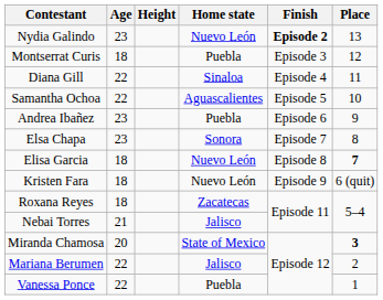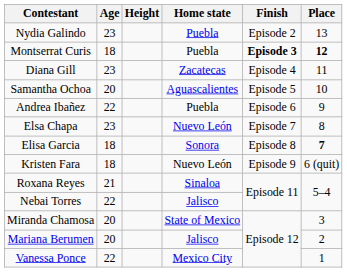 <table class="wikitable sortable" style="text-align:center;">
 <tr>
 <th>Contestant</th>
 <th>Age</th>
 <th>Height</th>
 <th>Home state</th>
 <th>Finish</th>
 <th>Place</th>
 </tr>
 <tr>
 <td>Nydia Galindo</td>
 <td>23</td>
 <td></td>
-<td><a href='#'>Nuevo León</a></td>
-<td><strong>Episode 2</strong></td>
+<td><a href='#'>Puebla</a></td>
+<td>Episode 2</td>
 <td>13</td>
 </tr>
 <tr>
 <td>Montserrat Curis</td>
 <td>18</td>
 <td></td>
 <td>Puebla</td>
-<td>Episode 3</td>
-<td>12</td>
+<td><strong>Episode 3</strong></td>
+<td><strong>12</strong></td>
 </tr>
 <tr>
 <td>Diana Gill</td>
-<td>22</td>
+<td>23</td>
 <td></td>
-<td><a href='#'>Sinaloa</a></td>
+<td><a href='#'>Zacatecas</a></td>
 <td>Episode 4</td>
 <td>11</td>
 </tr>
 <tr>
 <td>Samantha Ochoa</td>
-<td>22</td>
+<td>20</td>
 <td></td>
 <td><a href='#'>Aguascalientes</a></td>
 <td>Episode 5</td>
 <td>10</td>
 </tr>
 <tr>
 <td>Andrea Ibañez</td>
-<td>23</td>
+<td>22</td>
 <td></td>
 <td>Puebla</td>
 <td>Episode 6</td>
 <td>9</td>
 </tr>
 <tr>
 <td>Elsa Chapa</td>
 <td>23</td>
 <td></td>
-<td><a href='#'>Sonora</a></td>
+<td><a href='#'>Nuevo León</a></td>
 <td>Episode 7</td>
 <td>8</td>
 </tr>
 <tr>
 <td>Elisa Garcia</td>
 <td>18</td>
 <td></td>
-<td><a href='#'>Nuevo León</a></td>
+<td><a href='#'>Sonora</a></td>
 <td>Episode 8</td>
 <td><strong>7</strong></td>
 </tr>
 <tr>
 <td>Kristen Fara</td>
 <td>18</td>
 <td></td>
 <td>Nuevo León</td>
 <td>Episode 9</td>
 <td>6 (quit)</td>
 </tr>
 <tr>
 <td>Roxana Reyes</td>
-<td>18</td>
+<td>21</td>
 <td></td>
-<td><a href='#'>Zacatecas</a></td>
+<td><a href='#'>Sinaloa</a></td>
 <td rowspan="2">Episode 11</td>
 <td rowspan="2">5–4</td>
 </tr>
 <tr>
 <td>Nebai Torres</td>
-<td>21</td>
+<td>22</td>
 <td></td>
 <td><a href='#'>Jalisco</a></td>
 </tr>
 <tr>
 <td>Miranda Chamosa</td>
 <td>20</td>
 <td></td>
 <td><a href='#'>State of Mexico</a></td>
 <td rowspan="3">Episode 12</td>
-<td><strong>3</strong></td>
+<td>3</td>
 </tr>
 <tr>
 <td><a href='#'>Mariana Berumen</a></td>
-<td>22</td>
+<td>20</td>
 <td></td>
 <td><a href='#'>Jalisco</a></td>
 <td>2</td>
 </tr>
 <tr>
 <td><a href='#'>Vanessa Ponce</a></td>
 <td>22</td>
 <td></td>
-<td>Puebla</td>
+<td><a href='#'>Mexico City</a></td>
 <td>1</td>
 </tr>
 </table>
